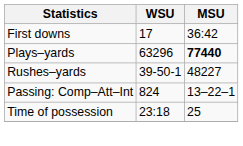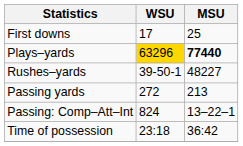 <table class="wikitable">
 <tr>
 <th>Statistics</th>
 <th>WSU</th>
 <th>MSU</th>
 </tr>
 <tr>
 <td>First downs</td>
 <td>17</td>
-<td>36:42</td>
+<td>25</td>
 </tr>
 <tr>
 <td>Plays–yards</td>
-<td>63296</td>
+<td style="background: gold;">63296</td>
 <td><strong>77440</strong></td>
 </tr>
 <tr>
 <td>Rushes–yards</td>
 <td>39-50-1</td>
 <td>48227</td>
+</tr>
+<tr>
+<td>Passing yards</td>
+<td>272</td>
+<td>213</td>
 </tr>
 <tr>
 <td>Passing: Comp–Att–Int</td>
 <td>824</td>
 <td>13–22–1</td>
 </tr>
 <tr>
 <td>Time of possession</td>
 <td>23:18</td>
-<td>25</td>
+<td>36:42</td>
 </tr>
 <tr>
 </tr>
 </table>
